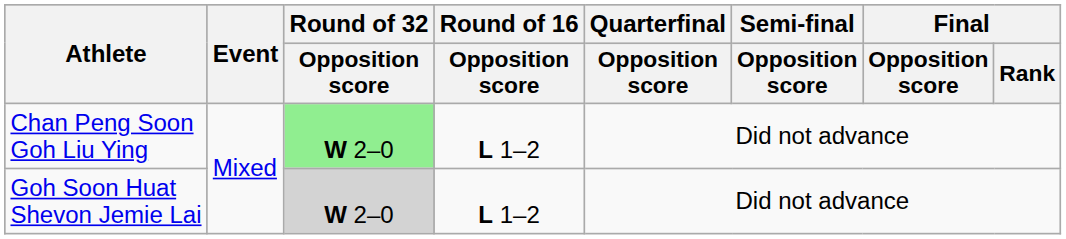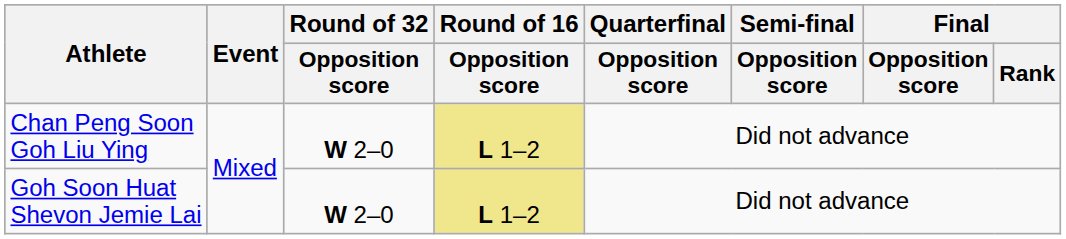 <table class=wikitable style="font-size:90%; text-align:center">
 <tr>
 <th rowspan="2">Athlete</th>
 <th rowspan="2">Event</th>
 <th>Round of 32</th>
 <th>Round of 16</th>
 <th>Quarterfinal</th>
 <th>Semi-final</th>
 <th colspan="2">Final</th>
 </tr>
 <tr style="font-size:95%">
 <th>Opposition<br> score</th>
 <th>Opposition<br> score</th>
 <th>Opposition<br> score</th>
 <th>Opposition<br> score</th>
 <th>Opposition<br> score</th>
 <th>Rank</th>
 </tr>
 <tr>
 <td align="left"><a href='#'>Chan Peng Soon</a><br><a href='#'>Goh Liu Ying</a></td>
 <td align="left" rowspan="2"><a href='#'>Mixed</a></td>
-<td style="background: lightgreen;"><br><strong>W</strong> 2–0</td>
-<td><br><strong>L</strong> 1–2</td>
+<td><br><strong>W</strong> 2–0</td>
+<td style="background: khaki;"><br><strong>L</strong> 1–2</td>
 <td colspan="4">Did not advance</td>
 </tr>
 <tr>
 <td align=left><a href='#'>Goh Soon Huat</a><br><a href='#'>Shevon Jemie Lai</a></td>
-<td style="background: lightgrey;"><br><strong>W</strong> 2–0</td>
-<td><br><strong>L</strong> 1–2</td>
+<td><br><strong>W</strong> 2–0</td>
+<td style="background: khaki;"><br><strong>L</strong> 1–2</td>
 <td colspan="4">Did not advance</td>
 </tr>
 </table>
